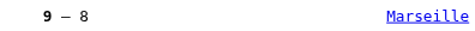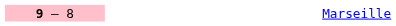 <table style="text-align:center">
 <tr>
 <th width=200></th>
 <th width=100></th>
 <th width=200></th>
 <th width=100></th>
 </tr>
 <tr>
 <td align=right><strong></strong></td>
-<td><strong>9</strong> – 8</td>
+<td style="background: pink;"><strong>9</strong> – 8</td>
 <td align=left></td>
 <td><a href='#'>Marseille</a></td>
 </tr>
 </table>
